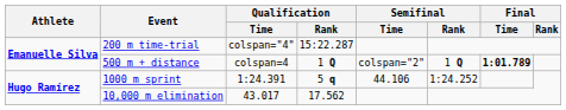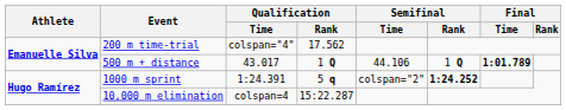 <table class=wikitable style=font-size:90%;text-align:center>
 <tr>
 <th rowspan=2>Athlete</th>
 <th rowspan=2>Event</th>
 <th colspan=2>Qualification</th>
 <th colspan=2>Semifinal</th>
 <th colspan=2>Final</th>
 </tr>
 <tr style=font-size:95%>
 <th>Time</th>
 <th>Rank</th>
 <th>Time</th>
 <th>Rank</th>
 <th>Time</th>
 <th>Rank</th>
 </tr>
 <tr>
 <td rowspan=2 style="text-align:left"><strong><a href='#'>Emanuelle Silva</a></strong></td>
 <td style="text-align:left"><a href='#'>200 m time-trial</a></td>
 <td>colspan="4" </td>
-<td>15:22.287</td>
+<td>17.562</td>
 <td></td>
 </tr>
 <tr>
 <td style="text-align:left"><a href='#'>500 m + distance</a></td>
-<td>colspan=4 </td>
+<td>43.017</td>
 <td>1 <strong>Q</strong></td>
-<td>colspan="2" </td>
+<td>44.106</td>
 <td>1 <strong>Q</strong></td>
 <td><strong>1:01.789</strong></td>
 <td></td>
 </tr>
 <tr>
 <td rowspan=2 style="text-align:left"><strong><a href='#'>Hugo Ramírez</a></strong></td>
 <td style="text-align:left"><a href='#'>1000 m sprint</a></td>
 <td>1:24.391</td>
 <td>5 <strong>q</strong></td>
-<td>44.106</td>
-<td>1:24.252</td>
+<td>colspan="2" </td>
+<td><strong>1:24.252</strong></td>
 <td></td>
 </tr>
 <tr>
 <td style="text-align:left"><a href='#'>10,000 m elimination</a></td>
-<td>43.017</td>
-<td>17.562</td>
+<td>colspan=4 </td>
+<td>15:22.287</td>
 <td></td>
 </tr>
 </table>
